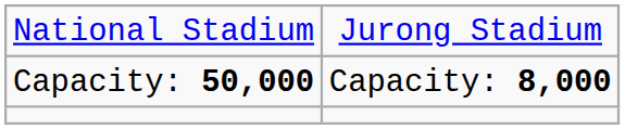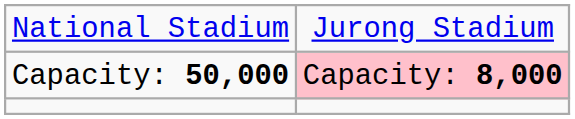 <table class="wikitable" style="text-align:center">
 <tr>
 <td><a href='#'>National Stadium</a></td>
 <td><a href='#'>Jurong Stadium</a></td>
 </tr>
 <tr>
 <td>Capacity: <strong>50,000</strong></td>
-<td>Capacity: <strong>8,000</strong></td>
+<td style="background: pink;">Capacity: <strong>8,000</strong></td>
 </tr>
 <tr>
 <td></td>
 <td></td>
 </tr>
 </table>
